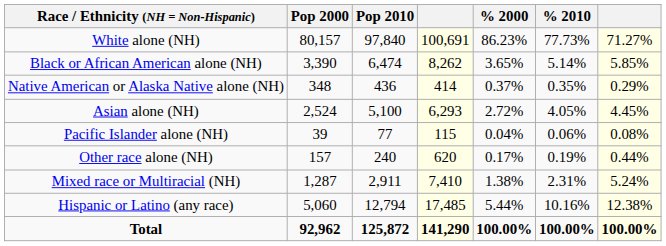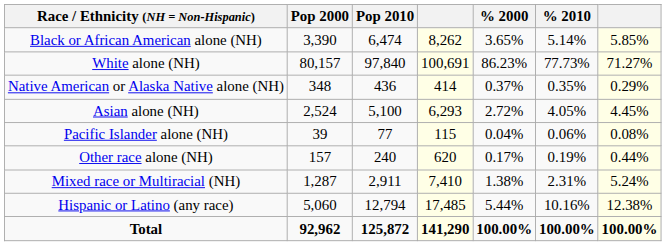 <table class="wikitable" style="text-align:center;">
 <tr>
 <th>Race / Ethnicity <small>(<em>NH = Non-Hispanic</em>)</small></th>
 <th>Pop 2000</th>
 <th>Pop 2010</th>
 <th></th>
 <th>% 2000</th>
 <th>% 2010</th>
 <th></th>
 </tr>
 <tr>
+<td><a href='#'>Black or African American</a> alone (NH)</td>
+<td>3,390</td>
+<td>6,474</td>
+<td style='background: #ffffe6;'>8,262</td>
+<td>3.65%</td>
+<td>5.14%</td>
+<td style='background: #ffffe6;'>5.85%</td>
+</tr>
+<tr>
 <td><a href='#'>White</a> alone (NH)</td>
 <td>80,157</td>
 <td>97,840</td>
 <td style='background: #ffffe6;'>100,691</td>
 <td>86.23%</td>
 <td>77.73%</td>
 <td style='background: #ffffe6;'>71.27%</td>
-</tr>
-<tr>
-<td><a href='#'>Black or African American</a> alone (NH)</td>
-<td>3,390</td>
-<td>6,474</td>
-<td style='background: #ffffe6;'>8,262</td>
-<td>3.65%</td>
-<td>5.14%</td>
-<td style='background: #ffffe6;'>5.85%</td>
 </tr>
 <tr>
 <td><a href='#'>Native American</a> or <a href='#'>Alaska Native</a> alone (NH)</td>
 <td>348</td>
 <td>436</td>
 <td style='background: #ffffe6;'>414</td>
 <td>0.37%</td>
 <td>0.35%</td>
 <td style='background: #ffffe6;'>0.29%</td>
 </tr>
 <tr>
 <td><a href='#'>Asian</a> alone (NH)</td>
 <td>2,524</td>
 <td>5,100</td>
 <td style='background: #ffffe6;'>6,293</td>
 <td>2.72%</td>
 <td>4.05%</td>
 <td style='background: #ffffe6;'>4.45%</td>
 </tr>
 <tr>
 <td><a href='#'>Pacific Islander</a> alone (NH)</td>
 <td>39</td>
 <td>77</td>
 <td style='background: #ffffe6;'>115</td>
 <td>0.04%</td>
 <td>0.06%</td>
 <td style='background: #ffffe6;'>0.08%</td>
 </tr>
 <tr>
 <td><a href='#'>Other race</a> alone (NH)</td>
 <td>157</td>
 <td>240</td>
 <td style='background: #ffffe6;'>620</td>
 <td>0.17%</td>
 <td>0.19%</td>
 <td style='background: #ffffe6;'>0.44%</td>
 </tr>
 <tr>
 <td><a href='#'>Mixed race or Multiracial</a> (NH)</td>
 <td>1,287</td>
 <td>2,911</td>
 <td style='background: #ffffe6;'>7,410</td>
 <td>1.38%</td>
 <td>2.31%</td>
 <td style='background: #ffffe6;'>5.24%</td>
 </tr>
 <tr>
 <td><a href='#'>Hispanic or Latino</a> (any race)</td>
 <td>5,060</td>
 <td>12,794</td>
 <td style='background: #ffffe6;'>17,485</td>
 <td>5.44%</td>
 <td>10.16%</td>
 <td style='background: #ffffe6;'>12.38%</td>
 </tr>
 <tr>
 <td><strong>Total</strong></td>
 <td><strong>92,962</strong></td>
 <td><strong>125,872</strong></td>
 <td style='background: #ffffe6;'><strong>141,290</strong></td>
 <td><strong>100.00%</strong></td>
 <td><strong>100.00%</strong></td>
 <td style='background: #ffffe6;'><strong>100.00%</strong></td>
 </tr>
 </table>
